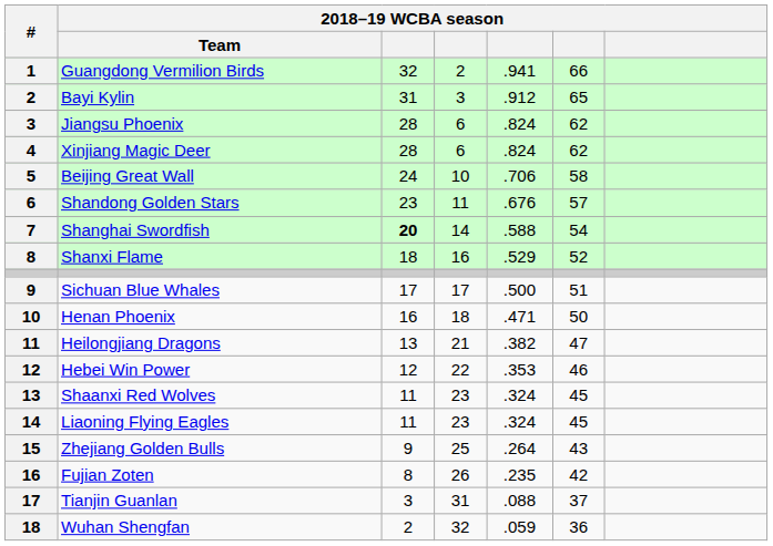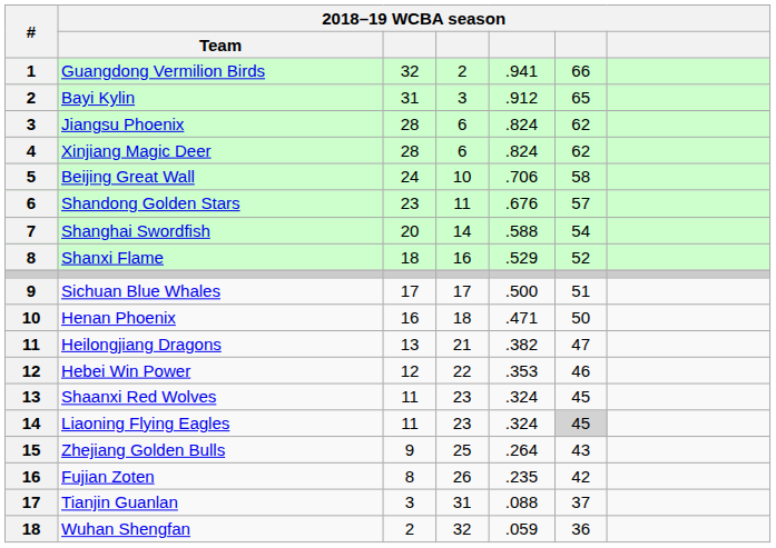 <table class="wikitable"  style="width:55%; font-size:95%;">
 <tr>
 <th style="width:3%;" rowspan="2">#</th>
 <th colspan="6" style="text-align:center;">2018–19 WCBA season</th>
 </tr>
 <tr style="text-align:center;">
 <th style="width:20%;">Team</th>
 <th style="width:3%;"></th>
 <th style="width:3%;"></th>
 <th style="width:3%;"></th>
 <th style="width:3%;"></th>
 <th style="width:10%;"></th>
 </tr>
 <tr style="text-align:center; background:#cfc;">
 <th>1</th>
 <td style="text-align:left;"><a href='#'>Guangdong Vermilion Birds</a></td>
 <td>32</td>
 <td>2</td>
 <td>.941</td>
 <td>66</td>
 <td></td>
 </tr>
 <tr style="text-align:center; background:#cfc;">
 <th>2</th>
 <td style="text-align:left;"><a href='#'>Bayi Kylin</a></td>
 <td>31</td>
 <td>3</td>
 <td>.912</td>
 <td>65</td>
 <td></td>
 </tr>
 <tr style="text-align:center; background:#cfc;">
 <th>3</th>
 <td style="text-align:left;"><a href='#'>Jiangsu Phoenix</a></td>
 <td>28</td>
 <td>6</td>
 <td>.824</td>
 <td>62</td>
 <td></td>
 </tr>
 <tr style="text-align:center; background:#cfc;">
 <th>4</th>
 <td style="text-align:left;"><a href='#'>Xinjiang Magic Deer</a></td>
 <td>28</td>
 <td>6</td>
 <td>.824</td>
 <td>62</td>
 <td></td>
 </tr>
 <tr style="text-align:center; background:#cfc;">
 <th>5</th>
 <td style="text-align:left;"><a href='#'>Beijing Great Wall</a></td>
 <td>24</td>
 <td>10</td>
 <td>.706</td>
 <td>58</td>
 <td></td>
 </tr>
 <tr style="text-align:center; background:#cfc;">
 <th>6</th>
 <td style="text-align:left;"><a href='#'>Shandong Golden Stars</a></td>
 <td>23</td>
 <td>11</td>
 <td>.676</td>
 <td>57</td>
 <td></td>
 </tr>
 <tr style="text-align:center; background:#cfc;">
 <th>7</th>
 <td style="text-align:left;"><a href='#'>Shanghai Swordfish</a></td>
-<td><strong>20</strong></td>
+<td>20</td>
 <td>14</td>
 <td>.588</td>
 <td>54</td>
 <td></td>
 </tr>
 <tr style="text-align:center; background:#cfc;">
 <th>8</th>
 <td style="text-align:left;"><a href='#'>Shanxi Flame</a></td>
 <td>18</td>
 <td>16</td>
 <td>.529</td>
 <td>52</td>
 <td></td>
 </tr>
 <tr style="background-color:#cccccc;">
 <td></td>
 <td></td>
 <td></td>
 <td></td>
 <td></td>
 <td></td>
 <td></td>
 </tr>
 <tr style="text-align:center;">
 <th>9</th>
 <td style="text-align:left;"><a href='#'>Sichuan Blue Whales</a></td>
 <td>17</td>
 <td>17</td>
 <td>.500</td>
 <td>51</td>
 <td></td>
 </tr>
 <tr style="text-align:center;">
 <th>10</th>
 <td style="text-align:left;"><a href='#'>Henan Phoenix</a></td>
 <td>16</td>
 <td>18</td>
 <td>.471</td>
 <td>50</td>
 <td></td>
 </tr>
 <tr style="text-align:center;">
 <th>11</th>
 <td style="text-align:left;"><a href='#'>Heilongjiang Dragons</a></td>
 <td>13</td>
 <td>21</td>
 <td>.382</td>
 <td>47</td>
 <td></td>
 </tr>
 <tr style="text-align:center;">
 <th>12</th>
 <td style="text-align:left;"><a href='#'>Hebei Win Power</a></td>
 <td>12</td>
 <td>22</td>
 <td>.353</td>
 <td>46</td>
 <td></td>
 </tr>
 <tr style="text-align:center;">
 <th>13</th>
 <td style="text-align:left;"><a href='#'>Shaanxi Red Wolves</a></td>
 <td>11</td>
 <td>23</td>
 <td>.324</td>
 <td>45</td>
 <td></td>
 </tr>
 <tr style="text-align:center;">
 <th>14</th>
 <td style="text-align:left;"><a href='#'>Liaoning Flying Eagles</a></td>
 <td>11</td>
 <td>23</td>
 <td>.324</td>
-<td>45</td>
+<td style="background: lightgrey;">45</td>
 <td></td>
 </tr>
 <tr style="text-align:center;">
 <th>15</th>
 <td style="text-align:left;"><a href='#'>Zhejiang Golden Bulls</a></td>
 <td>9</td>
 <td>25</td>
 <td>.264</td>
 <td>43</td>
 <td></td>
 </tr>
 <tr style="text-align:center;">
 <th>16</th>
 <td style="text-align:left;"><a href='#'>Fujian Zoten</a></td>
 <td>8</td>
 <td>26</td>
 <td>.235</td>
 <td>42</td>
 <td></td>
 </tr>
 <tr style="text-align:center;">
 <th>17</th>
 <td style="text-align:left;"><a href='#'>Tianjin Guanlan</a></td>
 <td>3</td>
 <td>31</td>
 <td>.088</td>
 <td>37</td>
 <td></td>
 </tr>
 <tr style="text-align:center;">
 <th>18</th>
 <td style="text-align:left;"><a href='#'>Wuhan Shengfan</a></td>
 <td>2</td>
 <td>32</td>
 <td>.059</td>
 <td>36</td>
 <td></td>
 </tr>
 </table>
